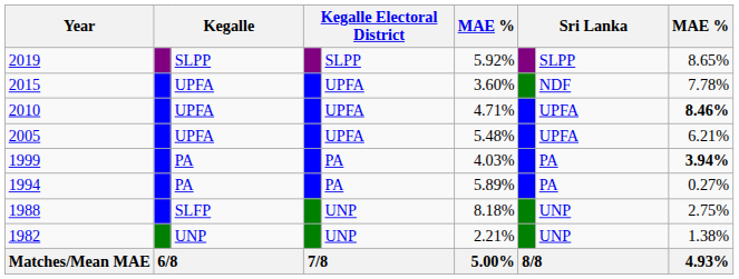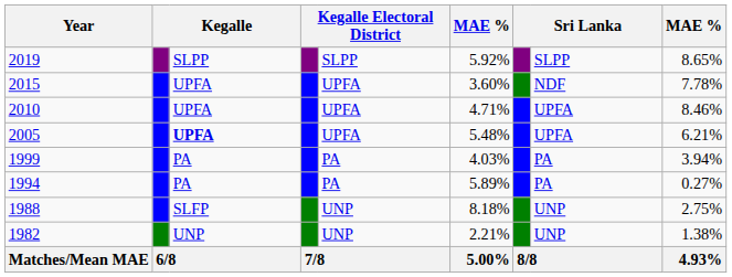 <table class="wikitable">
 <tr>
 <th>Year</th>
 <th colspan="2" width="144px">Kegalle</th>
 <th colspan="2" width="144px"><a href='#'>Kegalle Electoral District</a></th>
 <th><a href='#'>MAE</a> %</th>
 <th colspan="2" width="144px">Sri Lanka</th>
 <th>MAE %</th>
 </tr>
 <tr>
 <td><a href='#'>2019</a></td>
 <td style="background-color:purple;" width="10px"></td>
 <td style="text-align:left;"><a href='#'>SLPP</a></td>
 <td style="background-color:purple;" width="10px"></td>
 <td style="text-align:left;"><a href='#'>SLPP</a></td>
 <td style="text-align:right;">5.92%</td>
 <td style="background-color:purple;" width="10px"></td>
 <td style="text-align:left;"><a href='#'>SLPP</a></td>
 <td style="text-align:right;">8.65%</td>
 </tr>
 <tr>
 <td><a href='#'>2015</a></td>
 <td style="background-color:blue;" width="10px"></td>
 <td style="text-align:left;"><a href='#'>UPFA</a></td>
 <td style="background-color:blue;" width="10px"></td>
 <td style="text-align:left;"><a href='#'>UPFA</a></td>
 <td style="text-align:right;">3.60%</td>
 <td style="background-color:green;" width="10px"></td>
 <td style="text-align:left;"><a href='#'>NDF</a></td>
 <td style="text-align:right;">7.78%</td>
 </tr>
 <tr>
 <td><a href='#'>2010</a></td>
 <td style="background-color:blue;" width="10px"></td>
 <td style="text-align:left;"><a href='#'>UPFA</a></td>
 <td style="background-color:blue;" width="10px"></td>
 <td style="text-align:left;"><a href='#'>UPFA</a></td>
 <td style="text-align:right;">4.71%</td>
 <td style="background-color:blue;" width="10px"></td>
 <td style="text-align:left;"><a href='#'>UPFA</a></td>
-<td style="text-align:right;"><strong>8.46%</strong></td>
+<td style="text-align:right;">8.46%</td>
 </tr>
 <tr>
 <td><a href='#'>2005</a></td>
 <td style="background-color:blue;" width="10px"></td>
-<td style="text-align:left;"><a href='#'>UPFA</a></td>
+<td style="text-align:left;"><strong><a href='#'>UPFA</a></strong></td>
 <td style="background-color:blue;" width="10px"></td>
 <td style="text-align:left;"><a href='#'>UPFA</a></td>
 <td style="text-align:right;">5.48%</td>
 <td style="background-color:blue;" width="10px"></td>
 <td style="text-align:left;"><a href='#'>UPFA</a></td>
 <td style="text-align:right;">6.21%</td>
 </tr>
 <tr>
 <td><a href='#'>1999</a></td>
 <td style="background-color:blue;" width="10px"></td>
 <td style="text-align:left;"><a href='#'>PA</a></td>
 <td style="background-color:blue;" width="10px"></td>
 <td style="text-align:left;"><a href='#'>PA</a></td>
 <td style="text-align:right;">4.03%</td>
 <td style="background-color:blue;" width="10px"></td>
 <td style="text-align:left;"><a href='#'>PA</a></td>
-<td style="text-align:right;"><strong>3.94%</strong></td>
+<td style="text-align:right;">3.94%</td>
 </tr>
 <tr>
 <td><a href='#'>1994</a></td>
 <td style="background-color:blue;" width="10px"></td>
 <td style="text-align:left;"><a href='#'>PA</a></td>
 <td style="background-color:blue;" width="10px"></td>
 <td style="text-align:left;"><a href='#'>PA</a></td>
 <td style="text-align:right;">5.89%</td>
 <td style="background-color:blue;" width="10px"></td>
 <td style="text-align:left;"><a href='#'>PA</a></td>
 <td style="text-align:right;">0.27%</td>
 </tr>
 <tr>
 <td><a href='#'>1988</a></td>
 <td style="background-color:blue;" width="10px"></td>
 <td style="text-align:left;"><a href='#'>SLFP</a></td>
 <td style="background-color:green;" width="10px"></td>
 <td style="text-align:left;"><a href='#'>UNP</a></td>
 <td style="text-align:right;">8.18%</td>
 <td style="background-color:green;" width="10px"></td>
 <td style="text-align:left;"><a href='#'>UNP</a></td>
 <td style="text-align:right;">2.75%</td>
 </tr>
 <tr>
 <td><a href='#'>1982</a></td>
 <td style="background-color:green;" width="10px"></td>
 <td style="text-align:left;"><a href='#'>UNP</a></td>
 <td style="background-color:green;" width="10px"></td>
 <td style="text-align:left;"><a href='#'>UNP</a></td>
 <td style="text-align:right;">2.21%</td>
 <td style="background-color:green;" width="10px"></td>
 <td style="text-align:left;"><a href='#'>UNP</a></td>
 <td style="text-align:right;">1.38%</td>
 </tr>
 <tr>
 <th>Matches/Mean MAE</th>
 <th style="text-align:left;"colspan="2" width="144px">6/8</th>
 <th style="text-align:left;"colspan="2" width="144px">7/8</th>
 <th style="text-align:right;">5.00%</th>
 <th style="text-align:left;"colspan="2" width="144px">8/8</th>
 <th style="text-align:right;">4.93%</th>
 </tr>
 </table>
